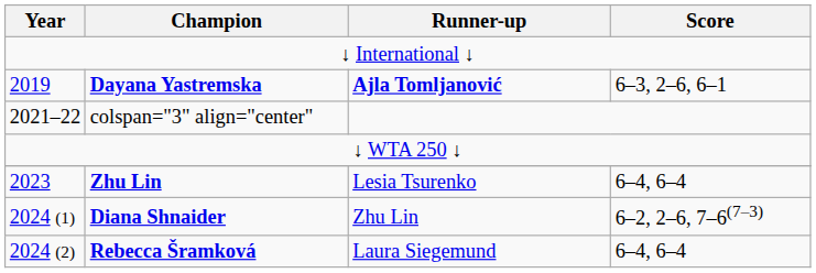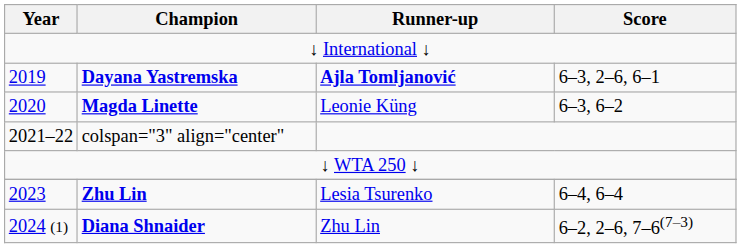 <table class="wikitable">
 <tr>
 <th>Year</th>
 <th width="200">Champion</th>
 <th width="200">Runner-up</th>
 <th width="150">Score</th>
 </tr>
 <tr>
 <td align=center colspan="4">↓ <a href='#'>International</a> ↓</td>
 </tr>
 <tr>
 <td><a href='#'>2019</a></td>
 <td> <strong><a href='#'>Dayana Yastremska</a></strong></td>
 <td><strong> <a href='#'>Ajla Tomljanović</a></strong></td>
 <td>6–3, 2–6, 6–1</td>
+</tr>
+<tr>
+<td><a href='#'>2020</a></td>
+<td> <strong><a href='#'>Magda Linette</a></strong></td>
+<td> <a href='#'>Leonie Küng</a></td>
+<td>6–3, 6–2</td>
 </tr>
 <tr>
 <td>2021–22</td>
 <td>colspan="3" align="center" </td>
 </tr>
 <tr>
 <td align=center colspan="4">↓ <a href='#'>WTA 250</a> ↓</td>
 </tr>
 <tr>
 </tr>
 <tr>
 <td><a href='#'>2023</a></td>
 <td> <strong><a href='#'>Zhu Lin</a></strong></td>
 <td> <a href='#'>Lesia Tsurenko</a></td>
 <td>6–4, 6–4</td>
 </tr>
 <tr>
 <td><a href='#'>2024</a> <small>(1)</small></td>
 <td> <strong><a href='#'>Diana Shnaider</a></strong></td>
 <td> <a href='#'>Zhu Lin</a></td>
 <td>6–2, 2–6, 7–6<sup>(7–3)</sup></td>
 </tr>
-<tr>
-<td><a href='#'>2024</a> <small>(2)</small></td>
-<td> <strong><a href='#'>Rebecca Šramková</a></strong></td>
-<td> <a href='#'>Laura Siegemund</a></td>
-<td>6–4, 6–4</td>
-</tr>
 </table>
